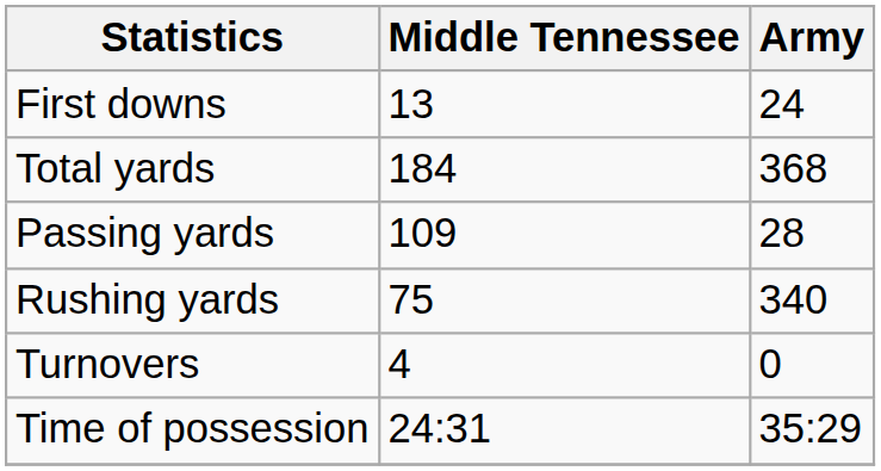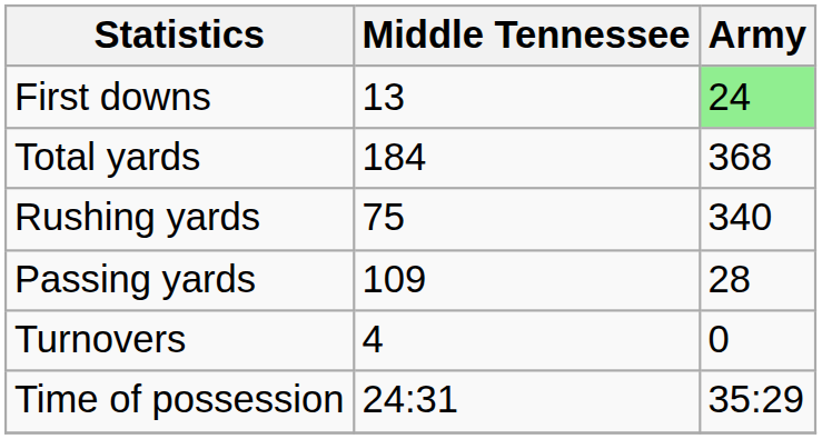 <table class="wikitable">
 <tr>
 <th>Statistics</th>
 <th>Middle Tennessee</th>
 <th>Army</th>
 </tr>
 <tr>
 <td>First downs</td>
 <td>13</td>
-<td>24</td>
+<td style="background: lightgreen;">24</td>
 </tr>
 <tr>
 <td>Total yards</td>
 <td>184</td>
 <td>368</td>
 </tr>
 <tr>
+<td>Rushing yards</td>
+<td>75</td>
+<td>340</td>
+</tr>
+<tr>
 <td>Passing yards</td>
 <td>109</td>
 <td>28</td>
-</tr>
-<tr>
-<td>Rushing yards</td>
-<td>75</td>
-<td>340</td>
 </tr>
 <tr>
 <td>Turnovers</td>
 <td>4</td>
 <td>0</td>
 </tr>
 <tr>
 <td>Time of possession</td>
 <td>24:31</td>
 <td>35:29</td>
 </tr>
 <tr>
 </tr>
 </table>
